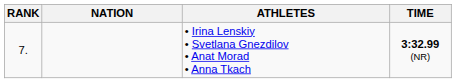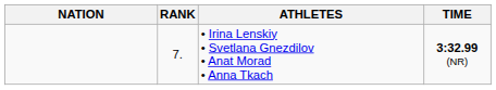 <table class="wikitable" style="border-collapse: collapse; font-size: 90%;">
 <tr>
+<th style="width: 12em">NATION</th>
 <th>RANK</th>
-<th style="width: 12em">NATION</th>
 <th style="width: 18em">ATHLETES</th>
 <th style="width: 5em">TIME</th>
 </tr>
 <tr>
+<td align="center"></td>
 <td align="center">7.</td>
-<td align="center"></td>
 <td>• <a href='#'>Irina Lenskiy</a><br>• <a href='#'>Svetlana Gnezdilov</a><br>• <a href='#'>Anat Morad</a><br>• <a href='#'>Anna Tkach</a></td>
 <td align="center"><strong>3:32.99</strong> <small>(NR)</small></td>
 </tr>
 </table>
